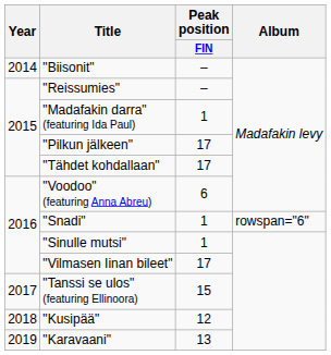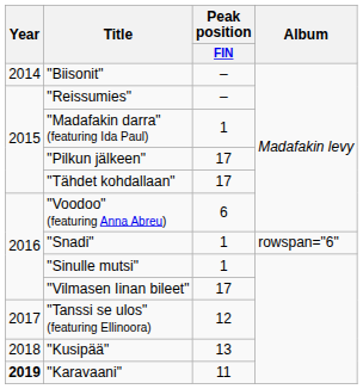 <table class="wikitable">
 <tr>
 <th align="center" rowspan="2">Year</th>
 <th align="center" rowspan="2">Title</th>
 <th align="center" colspan="1"width="20">Peak<br>position</th>
 <th align="center" rowspan="2">Album</th>
 </tr>
 <tr>
 <th style="width;font-size:85%"><a href='#'>FIN</a><br></th>
 </tr>
 <tr>
 <td align="center">2014</td>
 <td>"Biisonit"</td>
 <td align="center">–</td>
 <td align="center" rowspan="6"><em>Madafakin levy</em></td>
 </tr>
 <tr>
 <td align="center" rowspan="4">2015</td>
 <td>"Reissumies"</td>
 <td align="center">–</td>
 </tr>
 <tr>
 <td>"Madafakin darra" <br><small>(featuring Ida Paul)</small></td>
 <td align="center">1</td>
 </tr>
 <tr>
 <td>"Pilkun jälkeen"</td>
 <td align="center">17</td>
 </tr>
 <tr>
 <td>"Tähdet kohdallaan"</td>
 <td align="center">17</td>
 </tr>
 <tr>
 <td align="center" rowspan="4">2016</td>
 <td>"Voodoo" <br><small>(featuring <a href='#'>Anna Abreu</a>)</small></td>
 <td align="center">6</td>
 </tr>
 <tr>
 <td>"Snadi"</td>
 <td align="center">1</td>
 <td>rowspan="6" </td>
 </tr>
 <tr>
 <td>"Sinulle mutsi"</td>
 <td align="center">1</td>
 </tr>
 <tr>
 <td>"Vilmasen Iinan bileet"</td>
 <td align="center">17</td>
 </tr>
 <tr>
 <td align="center">2017</td>
 <td>"Tanssi se ulos" <br><small>(featuring Ellinoora)</small></td>
-<td align="center">15<br></td>
+<td align="center">12<br></td>
 </tr>
 <tr>
 <td align="center">2018</td>
 <td>"Kusipää"</td>
-<td align="center">12<br></td>
+<td align="center">13<br></td>
 </tr>
 <tr>
-<td align="center">2019</td>
+<td align="center"><strong>2019</strong></td>
 <td>"Karavaani"</td>
-<td align="center">13<br></td>
+<td align="center">11<br></td>
 </tr>
 </table>
